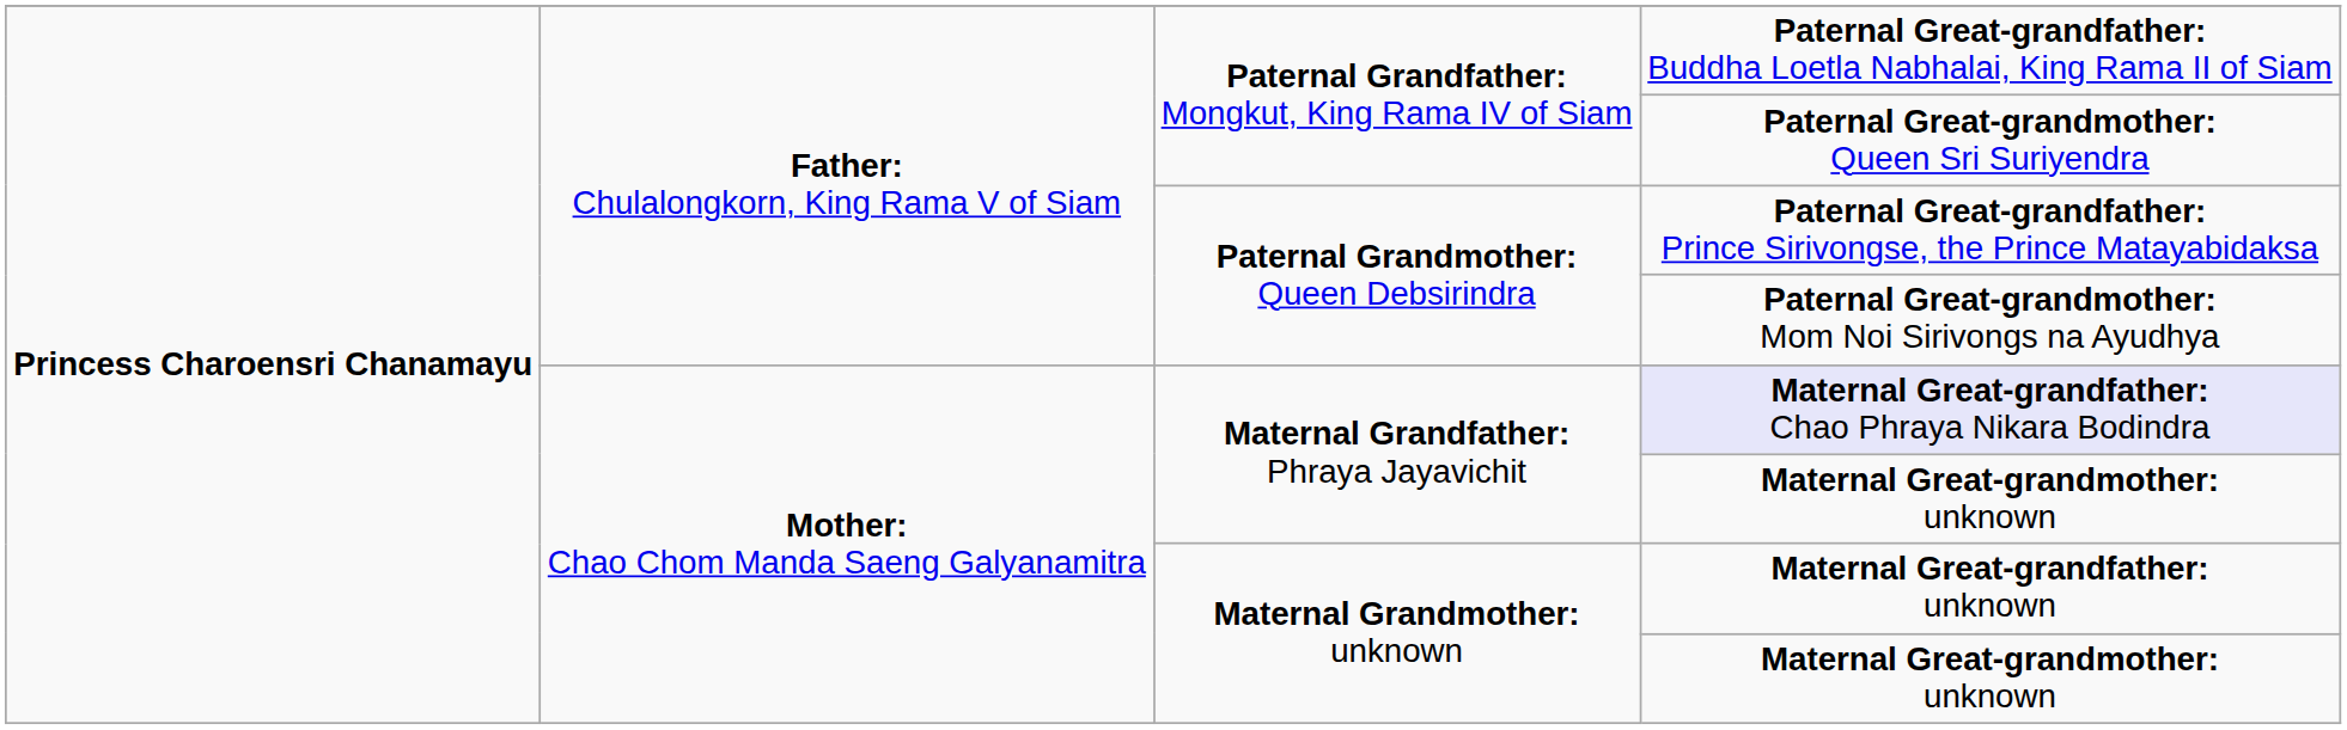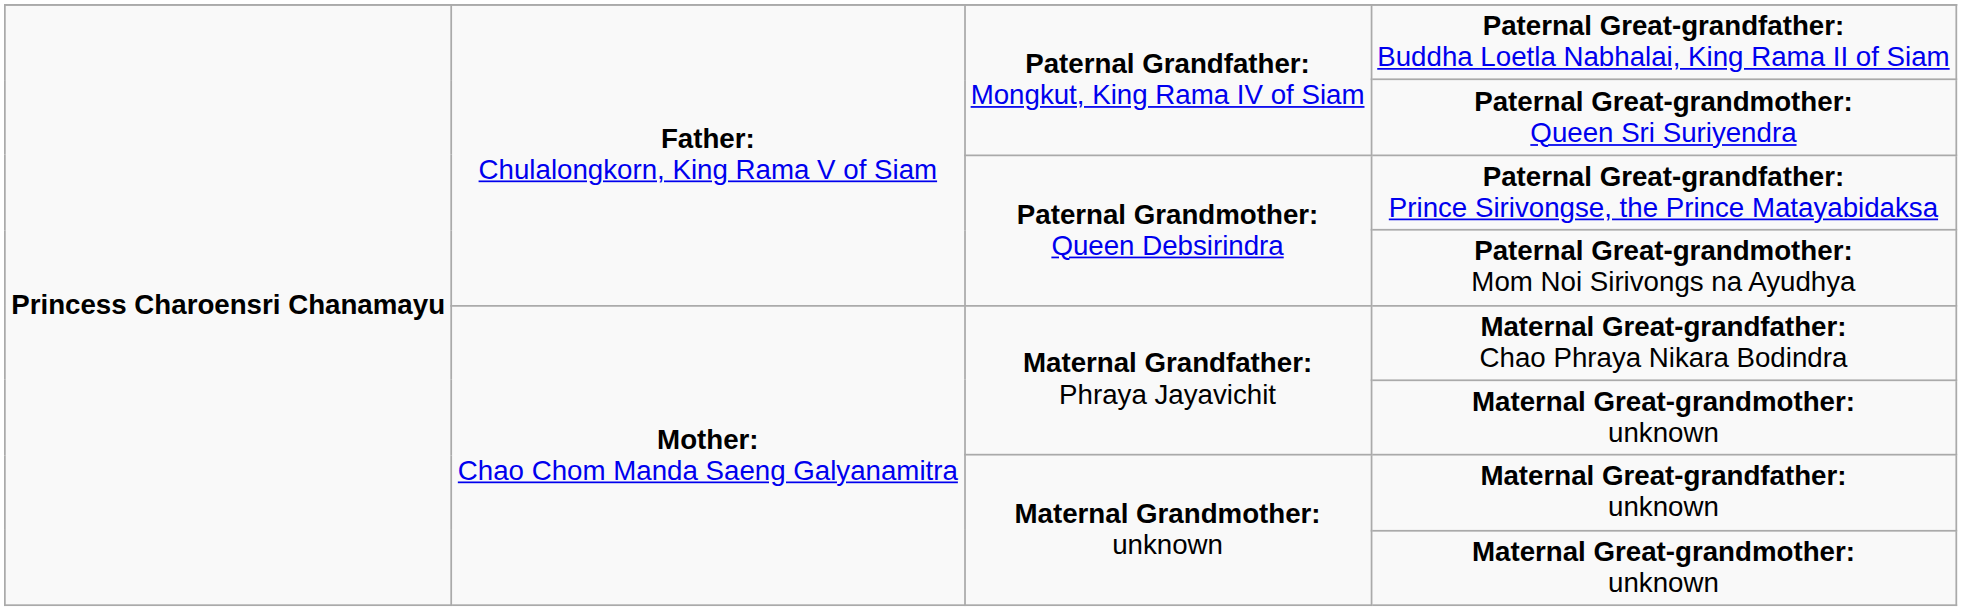 <table class="wikitable">
 <tr>
 </tr>
 <tr>
 <td rowspan="8" align="center"><strong>Princess Charoensri Chanamayu</strong></td>
 <td rowspan="4" align="center"><strong>Father:</strong><br><a href='#'>Chulalongkorn, King Rama V of Siam</a></td>
 <td rowspan="2" align="center"><strong>Paternal Grandfather:</strong><br><a href='#'>Mongkut, King Rama IV of Siam</a></td>
 <td align = "center"><strong>Paternal Great-grandfather:</strong><br><a href='#'>Buddha Loetla Nabhalai, King Rama II of Siam</a></td>
 </tr>
 <tr>
 <td align = "center"><strong>Paternal Great-grandmother:</strong><br><a href='#'>Queen Sri Suriyendra</a></td>
 </tr>
 <tr>
 <td rowspan="2" align="center"><strong>Paternal Grandmother:</strong><br><a href='#'>Queen Debsirindra</a></td>
 <td align = "center"><strong>Paternal Great-grandfather:</strong><br><a href='#'>Prince Sirivongse, the Prince Matayabidaksa</a></td>
 </tr>
 <tr>
 <td align = "center"><strong>Paternal Great-grandmother:</strong><br>Mom Noi Sirivongs na Ayudhya</td>
 </tr>
 <tr>
 <td rowspan="4" align="center"><strong>Mother:</strong><br><a href='#'>Chao Chom Manda Saeng Galyanamitra</a></td>
 <td rowspan="2" align="center"><strong>Maternal Grandfather:</strong><br>Phraya Jayavichit</td>
-<td align = "center" style="background: lavender;"><strong>Maternal Great-grandfather:</strong><br>Chao Phraya Nikara Bodindra</td>
+<td align = "center"><strong>Maternal Great-grandfather:</strong><br>Chao Phraya Nikara Bodindra</td>
 </tr>
 <tr>
 <td align = "center"><strong>Maternal Great-grandmother:</strong><br>unknown</td>
 </tr>
 <tr>
 <td rowspan="2" align="center"><strong>Maternal Grandmother:</strong><br>unknown</td>
 <td align = "center"><strong>Maternal Great-grandfather:</strong><br>unknown</td>
 </tr>
 <tr>
 <td align = "center"><strong>Maternal Great-grandmother:</strong><br>unknown</td>
 </tr>
 </table>
